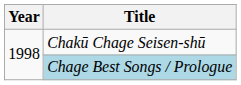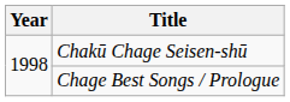 <table class="wikitable">
 <tr>
 <th>Year</th>
 <th>Title</th>
 </tr>
 <tr>
 <td rowspan="2">1998</td>
 <td><em>Chakū Chage Seisen-shū</em></td>
 </tr>
 <tr>
-<td style="background: lightblue;"><em>Chage Best Songs / Prologue</em></td>
+<td><em>Chage Best Songs / Prologue</em></td>
 </tr>
 </table>
